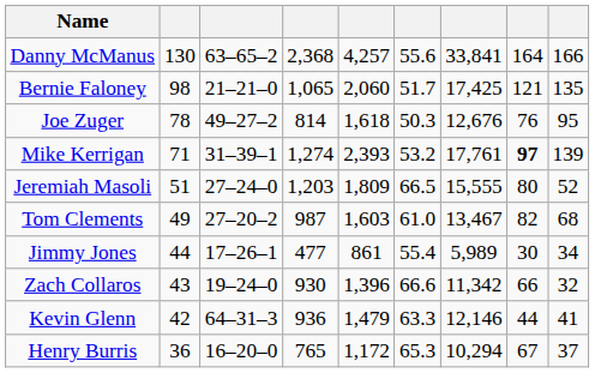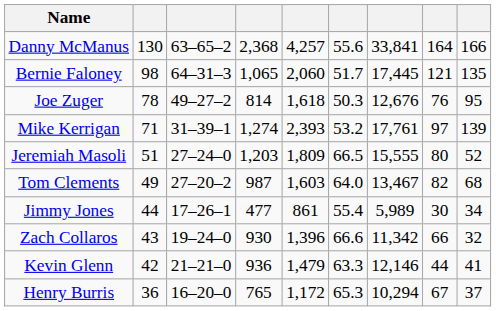 <table class="wikitable sortable" style="text-align:center">
 <tr>
 <th>Name</th>
 <th></th>
 <th></th>
 <th></th>
 <th></th>
 <th></th>
 <th></th>
 <th></th>
 <th></th>
 </tr>
 <tr>
 <td><a href='#'>Danny McManus</a></td>
 <td>130</td>
 <td>63–65–2</td>
 <td>2,368</td>
 <td>4,257</td>
 <td>55.6</td>
 <td>33,841</td>
 <td>164</td>
 <td>166</td>
 </tr>
 <tr>
 <td><a href='#'>Bernie Faloney</a></td>
 <td>98</td>
-<td>21–21–0</td>
+<td>64–31–3</td>
 <td>1,065</td>
 <td>2,060</td>
 <td>51.7</td>
-<td>17,425</td>
+<td>17,445</td>
 <td>121</td>
 <td>135</td>
 </tr>
 <tr>
 <td><a href='#'>Joe Zuger</a></td>
 <td>78</td>
 <td>49–27–2</td>
 <td>814</td>
 <td>1,618</td>
 <td>50.3</td>
 <td>12,676</td>
 <td>76</td>
 <td>95</td>
 </tr>
 <tr>
 <td><a href='#'>Mike Kerrigan</a></td>
 <td>71</td>
 <td>31–39–1</td>
 <td>1,274</td>
 <td>2,393</td>
 <td>53.2</td>
 <td>17,761</td>
-<td><strong>97</strong></td>
+<td>97</td>
 <td>139</td>
 </tr>
 <tr>
 <td><a href='#'>Jeremiah Masoli</a></td>
 <td>51</td>
 <td>27–24–0</td>
 <td>1,203</td>
 <td>1,809</td>
 <td>66.5</td>
 <td>15,555</td>
 <td>80</td>
 <td>52</td>
 </tr>
 <tr>
 <td><a href='#'>Tom Clements</a></td>
 <td>49</td>
 <td>27–20–2</td>
 <td>987</td>
 <td>1,603</td>
-<td>61.0</td>
+<td>64.0</td>
 <td>13,467</td>
 <td>82</td>
 <td>68</td>
 </tr>
 <tr>
 <td><a href='#'>Jimmy Jones</a></td>
 <td>44</td>
 <td>17–26–1</td>
 <td>477</td>
 <td>861</td>
 <td>55.4</td>
 <td>5,989</td>
 <td>30</td>
 <td>34</td>
 </tr>
 <tr>
 <td><a href='#'>Zach Collaros</a></td>
 <td>43</td>
 <td>19–24–0</td>
 <td>930</td>
 <td>1,396</td>
 <td>66.6</td>
 <td>11,342</td>
 <td>66</td>
 <td>32</td>
 </tr>
 <tr>
 <td><a href='#'>Kevin Glenn</a></td>
 <td>42</td>
-<td>64–31–3</td>
+<td>21–21–0</td>
 <td>936</td>
 <td>1,479</td>
 <td>63.3</td>
 <td>12,146</td>
 <td>44</td>
 <td>41</td>
 </tr>
 <tr>
 <td><a href='#'>Henry Burris</a></td>
 <td>36</td>
 <td>16–20–0</td>
 <td>765</td>
 <td>1,172</td>
 <td>65.3</td>
 <td>10,294</td>
 <td>67</td>
 <td>37</td>
 </tr>
 </table>
